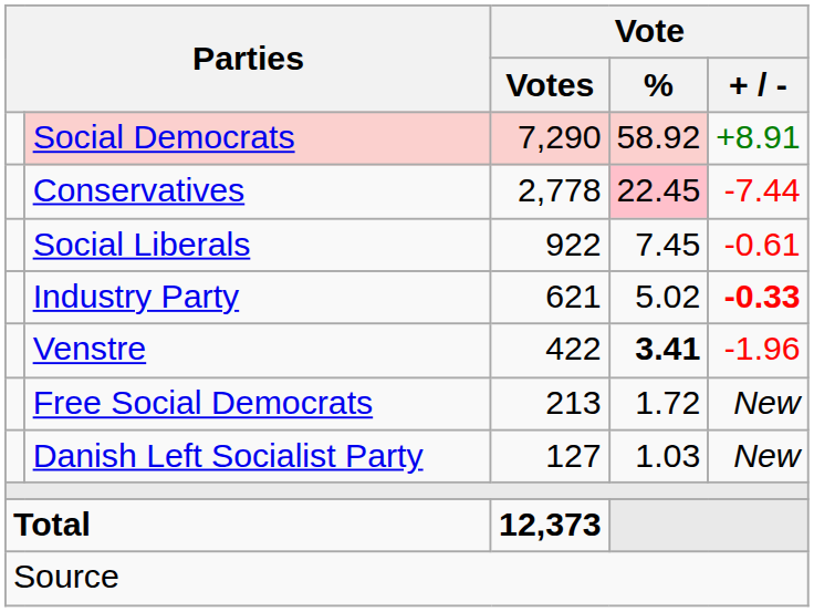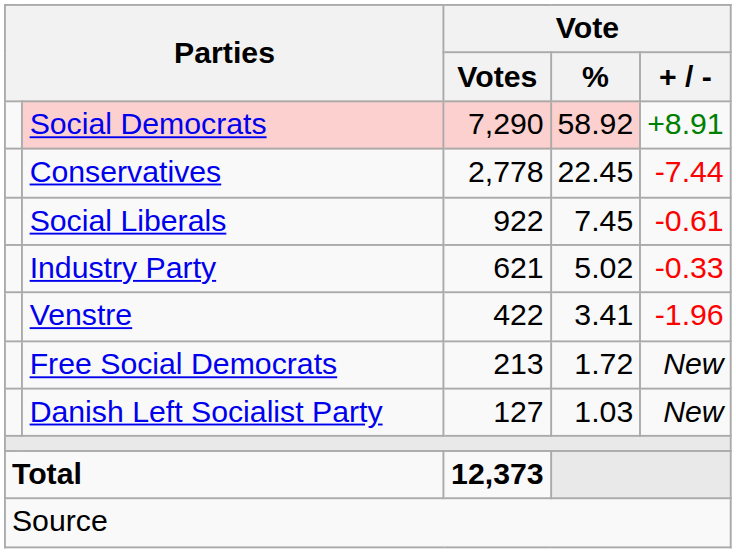 <table class="wikitable" style="text-align:right;">
 <tr>
 <th style="text-align:centre;" rowspan="2" colspan="2" width="225">Parties</th>
 <th colspan="3">Vote</th>
 </tr>
 <tr>
 <th width="15">Votes</th>
 <th width="15">%</th>
 <th width="15">+ / -</th>
 </tr>
 <tr>
 <td width="2" style="color:inherit;background:"></td>
 <td bgcolor=#fbd0ce  align="left"><a href='#'>Social Democrats</a></td>
 <td bgcolor=#fbd0ce>7,290</td>
 <td bgcolor=#fbd0ce>58.92</td>
 <td style=color:green;>+8.91</td>
 </tr>
 <tr>
 <td width="2" style="color:inherit;background:"></td>
 <td align="left"><a href='#'>Conservatives</a></td>
 <td>2,778</td>
-<td style="background: pink;">22.45</td>
+<td>22.45</td>
 <td style=color:red;>-7.44</td>
 </tr>
 <tr>
 <td width="2" style="color:inherit;background:"></td>
 <td align="left"><a href='#'>Social Liberals</a></td>
 <td>922</td>
 <td>7.45</td>
 <td style=color:red;>-0.61</td>
 </tr>
 <tr>
 <td width="2" style="color:inherit;background:"></td>
 <td align="left"><a href='#'>Industry Party</a></td>
 <td>621</td>
 <td>5.02</td>
-<td style=color:red;><strong>-0.33</strong></td>
+<td style=color:red;>-0.33</td>
 </tr>
 <tr>
 <td width="2" style="color:inherit;background:"></td>
 <td align="left"><a href='#'>Venstre</a></td>
 <td>422</td>
-<td><strong>3.41</strong></td>
+<td>3.41</td>
 <td style=color:red;>-1.96</td>
 </tr>
 <tr>
 <td width="2" style="color:inherit;background:"></td>
 <td align="left"><a href='#'>Free Social Democrats</a></td>
 <td>213</td>
 <td>1.72</td>
 <td><em>New</em></td>
 </tr>
 <tr>
 <td width="2" style="color:inherit;background:"></td>
 <td align="left"><a href='#'>Danish Left Socialist Party</a></td>
 <td>127</td>
 <td>1.03</td>
 <td><em>New</em></td>
 </tr>
 <tr>
 <td colspan="7" bgcolor="#E9E9E9"></td>
 </tr>
 <tr>
 <td align="left" colspan="2"><strong>Total</strong></td>
 <td><strong>12,373</strong></td>
 <td bgcolor="#E9E9E9" colspan="2"></td>
 </tr>
 <tr>
 <td align="left" colspan="6">Source</td>
 </tr>
 </table>
